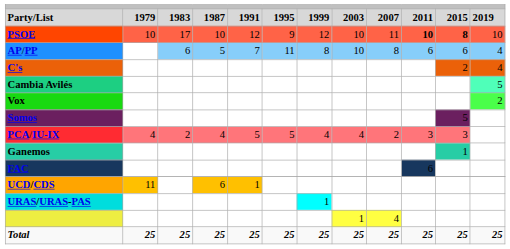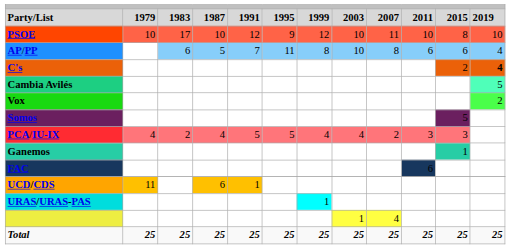 <table class="wikitable" style="margin:auto">
 <tr>
 <td colspan="12" width="750" bgcolor="#c0c0c0"></td>
 </tr>
 <tr bgcolor="#d8d8d8">
 <td><strong>Party/List</strong></td>
 <td align="right"><strong>1979</strong></td>
 <td align="right"><strong>1983</strong></td>
 <td align="right"><strong>1987</strong></td>
 <td align="right"><strong>1991</strong></td>
 <td align="right"><strong>1995</strong></td>
 <td align="right"><strong>1999</strong></td>
 <td align="right"><strong>2003</strong></td>
 <td align="right"><strong>2007</strong></td>
 <td align="right"><strong>2011</strong></td>
 <td align="right"><strong>2015</strong></td>
 <td><strong>2019</strong></td>
 </tr>
 <tr>
 <td bgcolor="#ff4500"><strong><a href='#'><span>PSOE</span></a></strong></td>
 <td align="right" bgcolor="#ff6347">10</td>
 <td align="right" bgcolor="#ff6347">17</td>
 <td align="right" bgcolor="#ff6347">10</td>
 <td align="right" bgcolor="#ff6347">12</td>
 <td align="right" bgcolor="#ff6347">9</td>
 <td align="right" bgcolor="#ff6347">12</td>
 <td align="right" bgcolor="#ff6347">10</td>
 <td align="right" bgcolor="#ff6347">11</td>
-<td align="right" bgcolor="#ff6347"><strong>10</strong></td>
-<td align="right" bgcolor="#ff6347"><strong>8</strong></td>
+<td align="right" bgcolor="#ff6347">10</td>
+<td align="right" bgcolor="#ff6347">8</td>
 <td align="right" bgcolor="#ff6347">10</td>
 </tr>
 <tr>
 <td bgcolor="#1e90ff"><strong><a href='#'><span>AP</span></a></strong>/<strong><a href='#'><span>PP</span></a></strong></td>
 <td bgcolor="#ffffff" align="right"></td>
 <td align="right" bgcolor="#87cefa">6</td>
 <td align="right" bgcolor="#87cefa">5</td>
 <td align="right" bgcolor="#87cefa">7</td>
 <td align="right" bgcolor="#87cefa">11</td>
 <td align="right" bgcolor="#87cefa">8</td>
 <td align="right" bgcolor="#87cefa">10</td>
 <td align="right" bgcolor="#87cefa">8</td>
 <td align="right" bgcolor="#87cefa">6</td>
 <td align="right" bgcolor="#87cefa">6</td>
 <td align="right" bgcolor="#87cefa">4</td>
 </tr>
 <tr>
 <td bgcolor="#eb6109"><strong><a href='#'><span>C's</span></a></strong></td>
 <td align="right" bgcolor="#ffffff"></td>
 <td align="right" bgcolor="#ffffff"></td>
 <td align="right" bgcolor="#ffffff"></td>
 <td align="right" bgcolor="#ffffff"></td>
 <td align="right" bgcolor="#ffffff"></td>
 <td align="right" bgcolor="#ffffff"></td>
 <td align="right" bgcolor="#ffffff"></td>
 <td align="right" bgcolor="#ffffff"></td>
 <td align="right" bgcolor="#ffffff"></td>
 <td align="right" bgcolor="#eb6109">2</td>
-<td align="right" bgcolor="#eb6109">4</td>
+<td align="right" bgcolor="#eb6109"><strong>4</strong></td>
 </tr>
 <tr>
 <td bgcolor="#1DCF82"><strong>Cambia Avilés</strong></td>
 <td align="right" bgcolor="#ffffff"></td>
 <td align="right" bgcolor="#ffffff"></td>
 <td align="right" bgcolor="#ffffff"></td>
 <td align="right" bgcolor="#ffffff"></td>
 <td align="right" bgcolor="#ffffff"></td>
 <td align="right" bgcolor="#ffffff"></td>
 <td align="right" bgcolor="#ffffff"></td>
 <td align="right" bgcolor="#ffffff"></td>
 <td align="right" bgcolor="#ffffff"></td>
 <td align="right" bgcolor="#ffffff"></td>
 <td align="right" bgcolor="#4FFFB9">5</td>
 </tr>
 <tr>
 <td bgcolor="#18D911"><strong>Vox</strong></td>
 <td align="right" bgcolor="#ffffff"></td>
 <td align="right" bgcolor="#ffffff"></td>
 <td align="right" bgcolor="#ffffff"></td>
 <td align="right" bgcolor="#ffffff"></td>
 <td align="right" bgcolor="#ffffff"></td>
 <td align="right" bgcolor="#ffffff"></td>
 <td align="right" bgcolor="#ffffff"></td>
 <td align="right" bgcolor="#ffffff"></td>
 <td align="right" bgcolor="#ffffff"></td>
 <td align="right" bgcolor="#ffffff"></td>
 <td align="right" bgcolor="#4AFF4A">2</td>
 </tr>
 <tr>
 <td bgcolor="#6b1f5f"><strong><a href='#'><span>Somos</span></a></strong></td>
 <td align="right" bgcolor="#ffffff"></td>
 <td align="right" bgcolor="#ffffff"></td>
 <td align="right" bgcolor="#ffffff"></td>
 <td align="right" bgcolor="#ffffff"></td>
 <td align="right" bgcolor="#ffffff"></td>
 <td align="right" bgcolor="#ffffff"></td>
 <td align="right" bgcolor="#ffffff"></td>
 <td align="right" bgcolor="#ffffff"></td>
 <td align="right" bgcolor="#ffffff"></td>
 <td bgcolor="#6b1f5f" align="right">5</td>
 <td align="right" bgcolor="#ffffff"></td>
 </tr>
 <tr>
 <td bgcolor="#FF2B32"><strong><a href='#'><span>PCA</span></a></strong>/<strong><a href='#'><span>IU-IX</span></a></strong></td>
 <td align="right" bgcolor="#FF757A">4</td>
 <td align="right" bgcolor="#FF757A">2</td>
 <td align="right" bgcolor="#FF757A">4</td>
 <td align="right" bgcolor="#FF757A">5</td>
 <td align="right" bgcolor="#FF757A">5</td>
 <td align="right" bgcolor="#FF757A">4</td>
 <td align="right" bgcolor="#FF757A">4</td>
 <td align="right" bgcolor="#FF757A">2</td>
 <td align="right" bgcolor="#FF757A">3</td>
 <td align="right" bgcolor="#FF757A">3</td>
 <td align="right" bgcolor="#ffffff"></td>
 </tr>
 <tr>
 <td bgcolor="#27cda5"><strong>Ganemos</strong></td>
 <td align="right" bgcolor="#ffffff"></td>
 <td align="right" bgcolor="#ffffff"></td>
 <td align="right" bgcolor="#ffffff"></td>
 <td align="right" bgcolor="#ffffff"></td>
 <td align="right" bgcolor="#ffffff"></td>
 <td align="right" bgcolor="#ffffff"></td>
 <td align="right" bgcolor="#ffffff"></td>
 <td align="right" bgcolor="#ffffff"></td>
 <td align="right" bgcolor="#ffffff"></td>
 <td bgcolor="#27cda5" align="right">1</td>
 <td align="right" bgcolor="#ffffff"></td>
 </tr>
 <tr>
 <td bgcolor="#17375e"><strong><a href='#'><span>FAC</span></a></strong></td>
 <td align="right" bgcolor="#ffffff"></td>
 <td align="right" bgcolor="#ffffff"></td>
 <td align="right" bgcolor="#ffffff"></td>
 <td align="right" bgcolor="#ffffff"></td>
 <td align="right" bgcolor="#ffffff"></td>
 <td align="right" bgcolor="#ffffff"></td>
 <td align="right" bgcolor="#ffffff"></td>
 <td align="right" bgcolor="#ffffff"></td>
 <td align="right" bgcolor="#17375e">6</td>
 <td align="right" bgcolor="#ffffff"></td>
 <td align="right" bgcolor="#ffffff"></td>
 </tr>
 <tr>
 </tr>
 <tr bgcolor="#eeeeee">
 <td bgcolor="#ffa500"><strong><a href='#'><span>UCD</span></a>/<a href='#'><span>CDS</span></a></strong></td>
 <td align="right" bgcolor="#ffc000">11</td>
 <td bgcolor="#ffffff" align="right"></td>
 <td align="right" bgcolor="#ffc000">6</td>
 <td align="right" bgcolor="#ffc000">1</td>
 <td bgcolor="#ffffff" align="right"></td>
 <td bgcolor="#ffffff" align="right"></td>
 <td bgcolor="#ffffff" align="right"></td>
 <td bgcolor="#ffffff" align="right"></td>
 <td bgcolor="#ffffff" align="right"></td>
 <td bgcolor="#ffffff" align="right"></td>
 <td align="right" bgcolor="#ffffff"></td>
 </tr>
 <tr>
 <td bgcolor="#00dddd"><strong><a href='#'>URAS</a>/<a href='#'>URAS</a>-<a href='#'>PAS</a></strong></td>
 <td align="right" bgcolor="#ffffff"></td>
 <td align="right" bgcolor="#ffffff"></td>
 <td align="right" bgcolor="#ffffff"></td>
 <td align="right" bgcolor="#ffffff"></td>
 <td align="right" bgcolor="#ffffff"></td>
 <td align="right" bgcolor="#00ffff">1</td>
 <td align="right" bgcolor="#ffffff"></td>
 <td align="right" bgcolor="#ffffff"></td>
 <td align="right" bgcolor="#ffffff"></td>
 <td align="right" bgcolor="#ffffff"></td>
 <td align="right" bgcolor="#ffffff"></td>
 </tr>
 <tr>
 <td bgcolor="#eeee42"><strong></strong></td>
 <td align="right" bgcolor="#ffffff"></td>
 <td align="right" bgcolor="#ffffff"></td>
 <td align="right" bgcolor="#ffffff"></td>
 <td align="right" bgcolor="#ffffff"></td>
 <td align="right" bgcolor="#ffffff"></td>
 <td align="right" bgcolor="#ffffff"></td>
 <td align="right" bgcolor="#ffff42">1</td>
 <td align="right" bgcolor="#ffff42">4</td>
 <td align="right" bgcolor="#ffffff"></td>
 <td align="right" bgcolor="#ffffff"></td>
 <td align="right" bgcolor="#ffffff"></td>
 </tr>
 <tr>
 <td><strong><em>Total</em></strong></td>
 <td align="right"><strong><em>25</em></strong></td>
 <td align="right"><strong><em>25</em></strong></td>
 <td align="right"><strong><em>25</em></strong></td>
 <td align="right"><strong><em>25</em></strong></td>
 <td align="right"><strong><em>25</em></strong></td>
 <td align="right"><strong><em>25</em></strong></td>
 <td align="right"><strong><em>25</em></strong></td>
 <td align="right"><strong><em>25</em></strong></td>
 <td align="right"><strong><em>25</em></strong></td>
 <td align="right"><strong><em>25</em></strong></td>
 <td align="right"><strong><em>25</em></strong></td>
 </tr>
 </table>
